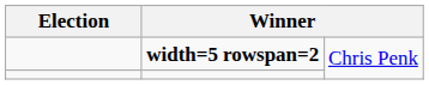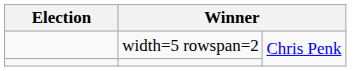 <table class=wikitable>
 <tr>
 <th width=100>Election</th>
 <th width=175 colspan=2>Winner</th>
 </tr>
 <tr>
 <td></td>
-<td><strong>width=5 rowspan=2 </strong></td>
+<td>width=5 rowspan=2 </td>
 <td rowspan=2><a href='#'>Chris Penk</a></td>
 </tr>
 <tr>
 <td></td>
 </tr>
 </table>
